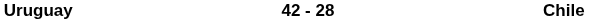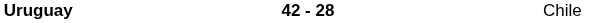 <table width=75% cellspacing=1>
 <tr>
 <th width=25%></th>
 <th width=25%></th>
 <th width=25%></th>
 </tr>
 <tr style=font-size:90%>
 <td align=right><strong>Uruguay</strong></td>
 <td align=center><strong>42 - 28</strong></td>
-<td><strong>Chile</strong></td>
+<td>Chile</td>
 </tr>
 </table>
